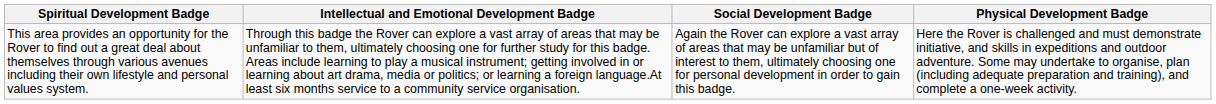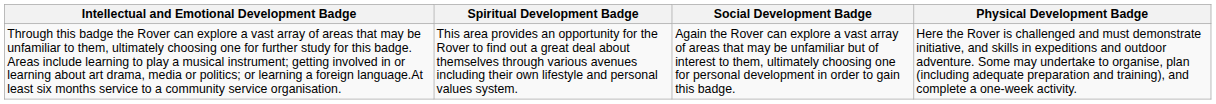 <table class="wikitable">
 <tr>
+<th>Intellectual and Emotional Development Badge</th>
 <th>Spiritual Development Badge</th>
-<th>Intellectual and Emotional Development Badge</th>
 <th>Social Development Badge</th>
 <th>Physical Development Badge</th>
 </tr>
 <tr>
+<td>Through this badge the Rover can explore a vast array of areas that may be unfamiliar to them, ultimately choosing one for further study for this badge. Areas include learning to play a musical instrument; getting involved in or learning about art drama, media or politics; or learning a foreign language.At least six months service to a community service organisation.</td>
 <td>This area provides an opportunity for the Rover to find out a great deal about themselves through various avenues including their own lifestyle and personal values system.</td>
-<td>Through this badge the Rover can explore a vast array of areas that may be unfamiliar to them, ultimately choosing one for further study for this badge. Areas include learning to play a musical instrument; getting involved in or learning about art drama, media or politics; or learning a foreign language.At least six months service to a community service organisation.</td>
 <td>Again the Rover can explore a vast array of areas that may be unfamiliar but of interest to them, ultimately choosing one for personal development in order to gain this badge.</td>
 <td>Here the Rover is challenged and must demonstrate initiative, and skills in expeditions and outdoor adventure. Some may undertake to organise, plan (including adequate preparation and training), and complete a one-week activity.</td>
 </tr>
 </table>
